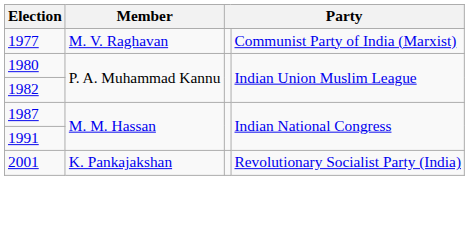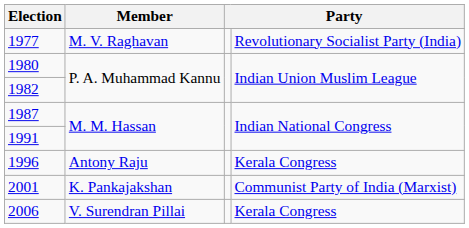 <table class="wikitable sortable">
 <tr>
 <th>Election</th>
 <th>Member</th>
 <th colspan="2">Party</th>
 </tr>
 <tr>
 <td><a href='#'>1977</a></td>
 <td><a href='#'>M. V. Raghavan</a></td>
 <td style="background-color: "></td>
-<td><a href='#'>Communist Party of India (Marxist)</a></td>
+<td><a href='#'>Revolutionary Socialist Party (India)</a></td>
 </tr>
 <tr>
 <td><a href='#'>1980</a></td>
 <td rowspan="2">P. A. Muhammad Kannu</td>
 <td rowspan="2" style="background-color: "></td>
 <td rowspan="2"><a href='#'>Indian Union Muslim League</a></td>
 </tr>
 <tr>
 <td><a href='#'>1982</a></td>
 </tr>
 <tr>
 <td><a href='#'>1987</a></td>
 <td rowspan="2"><a href='#'>M. M. Hassan</a></td>
 <td rowspan="2" style="background-color: "></td>
 <td rowspan="2"><a href='#'>Indian National Congress</a></td>
 </tr>
 <tr>
 <td><a href='#'>1991</a></td>
 </tr>
 <tr>
+<td><a href='#'>1996</a></td>
+<td><a href='#'>Antony Raju</a></td>
+<td style="background-color: "></td>
+<td><a href='#'>Kerala Congress</a></td>
+</tr>
+<tr>
 <td><a href='#'>2001</a></td>
 <td><a href='#'>K. Pankajakshan</a></td>
 <td style="background-color: "></td>
-<td><a href='#'>Revolutionary Socialist Party (India)</a></td>
+<td><a href='#'>Communist Party of India (Marxist)</a></td>
+</tr>
+<tr>
+<td><a href='#'>2006</a></td>
+<td><a href='#'>V. Surendran Pillai</a></td>
+<td style="background-color: "></td>
+<td><a href='#'>Kerala Congress</a></td>
 </tr>
 </table>
